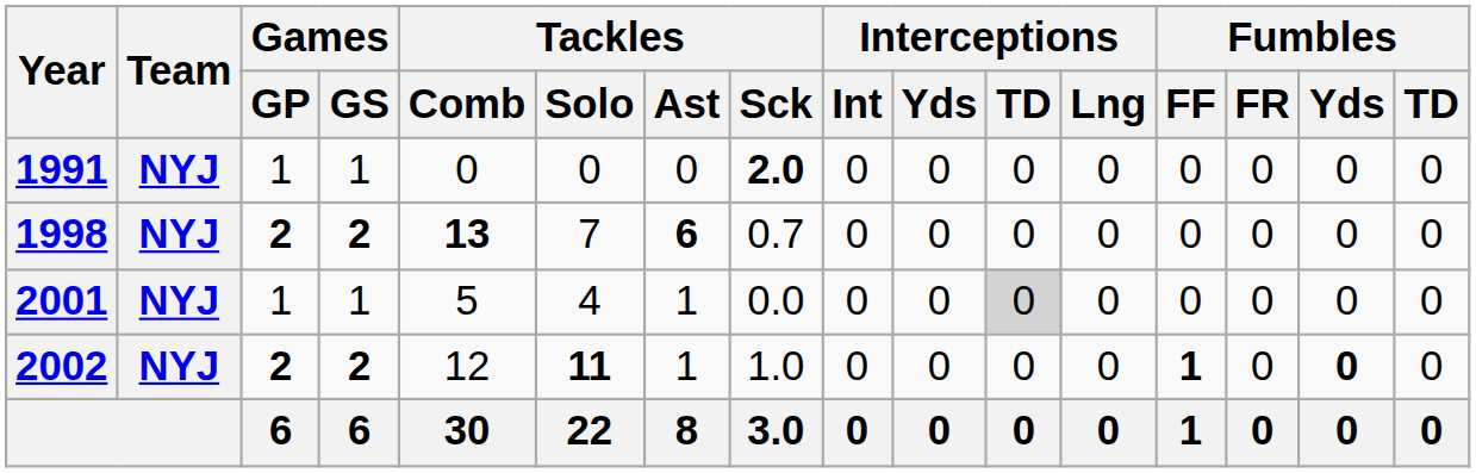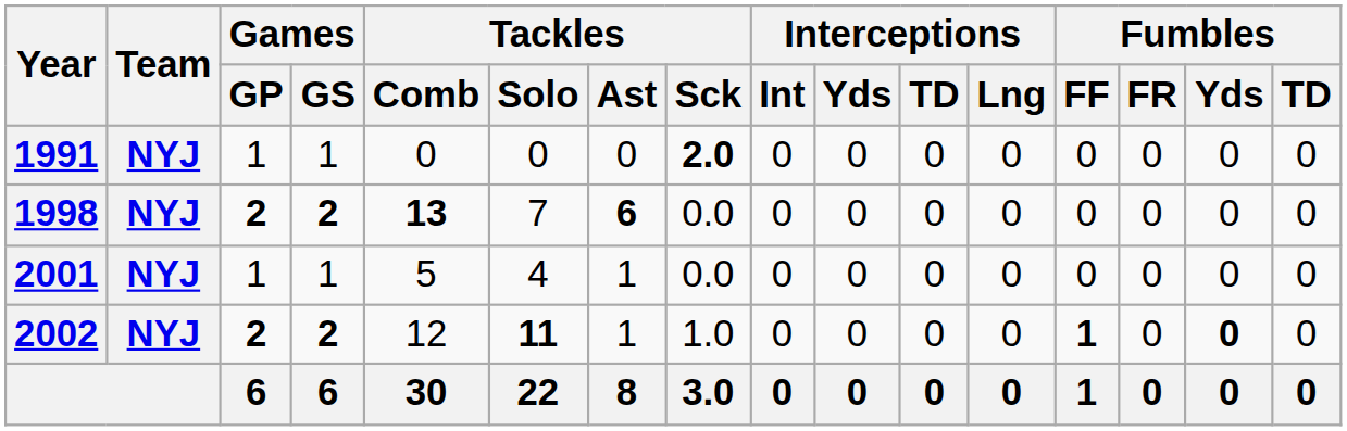 <table class="wikitable" style="text-align:center">
 <tr>
 <th rowspan="2">Year</th>
 <th rowspan="2">Team</th>
 <th colspan="2">Games</th>
 <th colspan="4">Tackles</th>
 <th colspan="4">Interceptions</th>
 <th colspan="4">Fumbles</th>
 </tr>
 <tr>
 <th>GP</th>
 <th>GS</th>
 <th>Comb</th>
 <th>Solo</th>
 <th>Ast</th>
 <th>Sck</th>
 <th>Int</th>
 <th>Yds</th>
 <th>TD</th>
 <th>Lng</th>
 <th>FF</th>
 <th>FR</th>
 <th>Yds</th>
 <th>TD</th>
 </tr>
 <tr>
 <th><a href='#'>1991</a></th>
 <th><a href='#'>NYJ</a></th>
 <td>1</td>
 <td>1</td>
 <td>0</td>
 <td>0</td>
 <td>0</td>
 <td><strong>2.0</strong></td>
 <td>0</td>
 <td>0</td>
 <td>0</td>
 <td>0</td>
 <td>0</td>
 <td>0</td>
 <td>0</td>
 <td>0</td>
 </tr>
 <tr>
 <th><a href='#'>1998</a></th>
 <th><a href='#'>NYJ</a></th>
 <td><strong>2</strong></td>
 <td><strong>2</strong></td>
 <td><strong>13</strong></td>
 <td>7</td>
 <td><strong>6</strong></td>
-<td>0.7</td>
+<td>0.0</td>
 <td>0</td>
 <td>0</td>
 <td>0</td>
 <td>0</td>
 <td>0</td>
 <td>0</td>
 <td>0</td>
 <td>0</td>
 </tr>
 <tr>
 <th><a href='#'>2001</a></th>
 <th><a href='#'>NYJ</a></th>
 <td>1</td>
 <td>1</td>
 <td>5</td>
 <td>4</td>
 <td>1</td>
 <td>0.0</td>
 <td>0</td>
 <td>0</td>
-<td style="background: lightgrey;">0</td>
+<td>0</td>
 <td>0</td>
 <td>0</td>
 <td>0</td>
 <td>0</td>
 <td>0</td>
 </tr>
 <tr>
 <th><a href='#'>2002</a></th>
 <th><a href='#'>NYJ</a></th>
 <td><strong>2</strong></td>
 <td><strong>2</strong></td>
 <td>12</td>
 <td><strong>11</strong></td>
 <td>1</td>
 <td>1.0</td>
 <td>0</td>
 <td>0</td>
 <td>0</td>
 <td>0</td>
 <td><strong>1</strong></td>
 <td>0</td>
 <td><strong>0</strong></td>
 <td>0</td>
 </tr>
 <tr>
 <th colspan="2"></th>
 <th>6</th>
 <th>6</th>
 <th>30</th>
 <th>22</th>
 <th>8</th>
 <th>3.0</th>
 <th>0</th>
 <th>0</th>
 <th>0</th>
 <th>0</th>
 <th>1</th>
 <th>0</th>
 <th>0</th>
 <th>0</th>
 </tr>
 </table>
